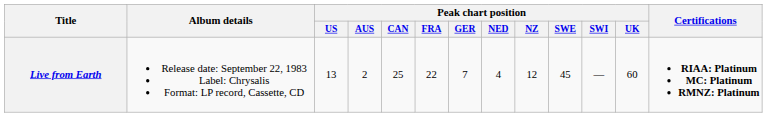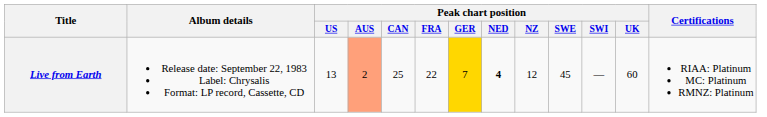 <table class="wikitable plainrowheaders" style="text-align:center;">
 <tr>
 <th scope="col" rowspan="2" style="width:11em;">Title</th>
 <th scope="col" rowspan="2" style="width:17em;">Album details</th>
 <th scope="col" colspan="10">Peak chart position</th>
 <th scope="col" rowspan="2"><a href='#'>Certifications</a></th>
 </tr>
 <tr>
 <th scope="col" style="width:3em;font-size:90%;"><a href='#'>US</a><br></th>
 <th scope="col" style="width:3em;font-size:90%;"><a href='#'>AUS</a><br></th>
 <th scope="col" style="width:3em;font-size:90%;"><a href='#'>CAN</a><br></th>
 <th scope="col" style="width:3em;font-size:90%;"><a href='#'>FRA</a><br></th>
 <th scope="col" style="width:3em;font-size:90%;"><a href='#'>GER</a><br></th>
 <th scope="col" style="width:3em;font-size:90%;"><a href='#'>NED</a><br></th>
 <th scope="col" style="width:3em;font-size:90%;"><a href='#'>NZ</a><br></th>
 <th scope="col" style="width:3em;font-size:90%;"><a href='#'>SWE</a><br></th>
 <th scope="col" style="width:3em;font-size:90%;"><a href='#'>SWI</a><br></th>
 <th scope="col" style="width:3em;font-size:90%;"><a href='#'>UK</a><br></th>
 </tr>
 <tr>
 <th scope="row"><em><a href='#'>Live from Earth</a></em></th>
 <td><br><ul><li>Release date: September 22, 1983</li><li>Label: Chrysalis</li><li>Format: LP record, Cassette, CD</li></ul></td>
 <td>13</td>
-<td>2</td>
+<td style="background: lightsalmon;">2</td>
 <td>25</td>
 <td>22</td>
-<td>7</td>
-<td>4</td>
+<td style="background: gold;">7</td>
+<td><strong>4</strong></td>
 <td>12</td>
 <td>45</td>
 <td>—</td>
 <td>60</td>
-<td><strong><br><ul><li>RIAA: Platinum</li><li>MC: Platinum</li><li>RMNZ: Platinum</li></ul></strong></td>
+<td><br><ul><li>RIAA: Platinum</li><li>MC: Platinum</li><li>RMNZ: Platinum</li></ul></td>
 </tr>
 </table>
